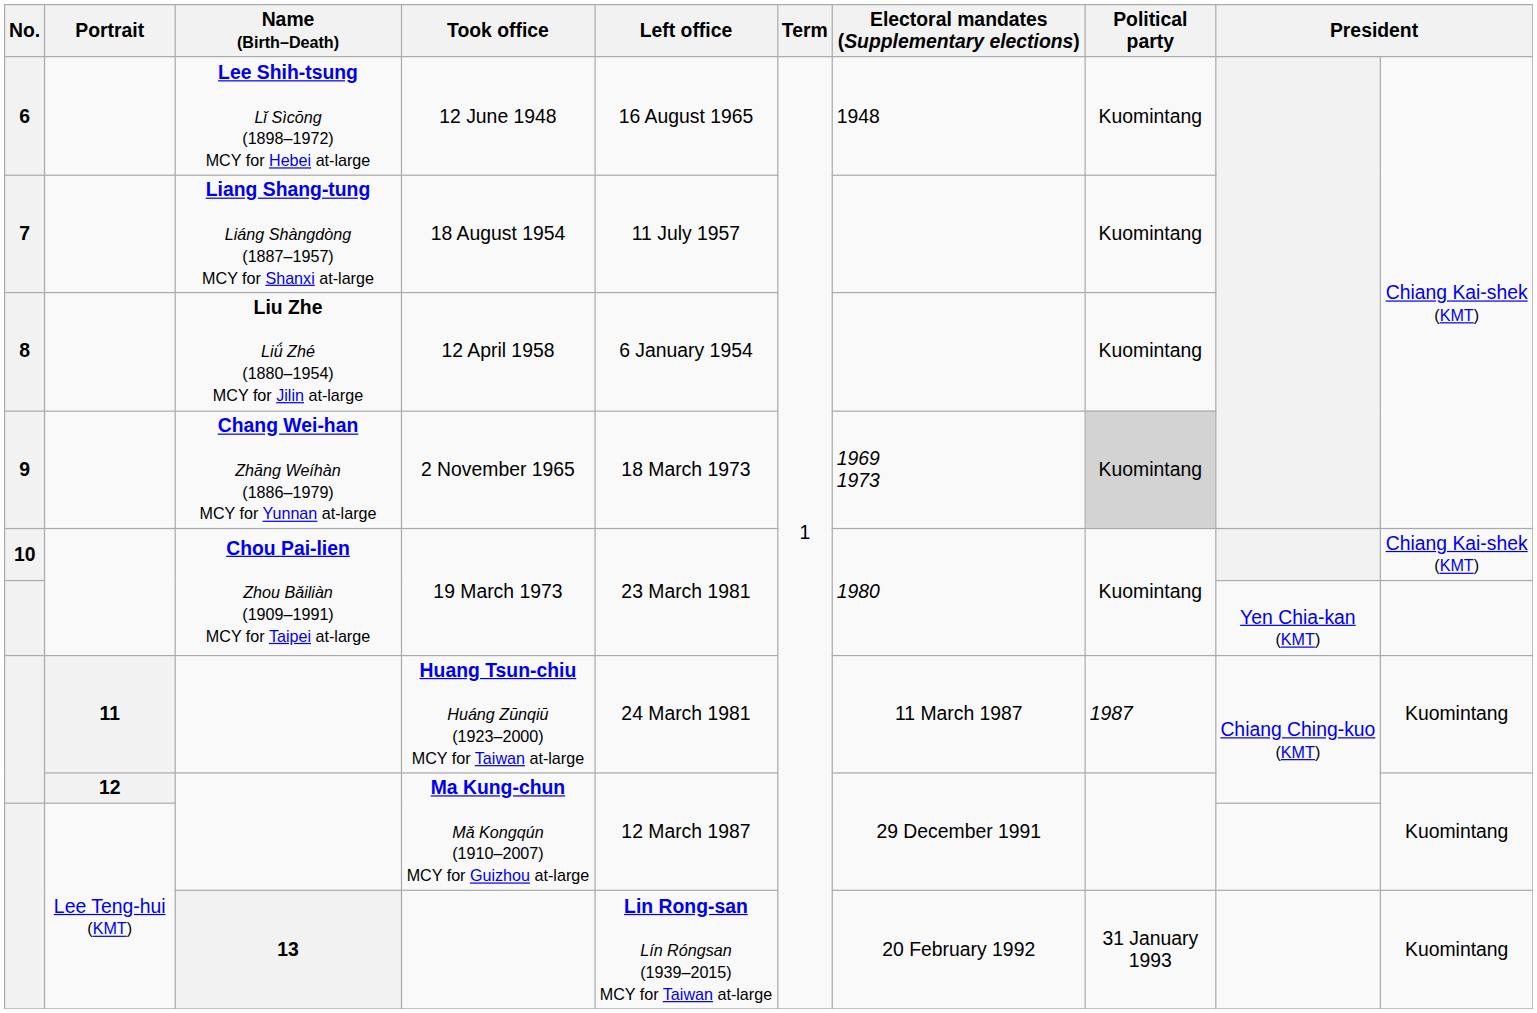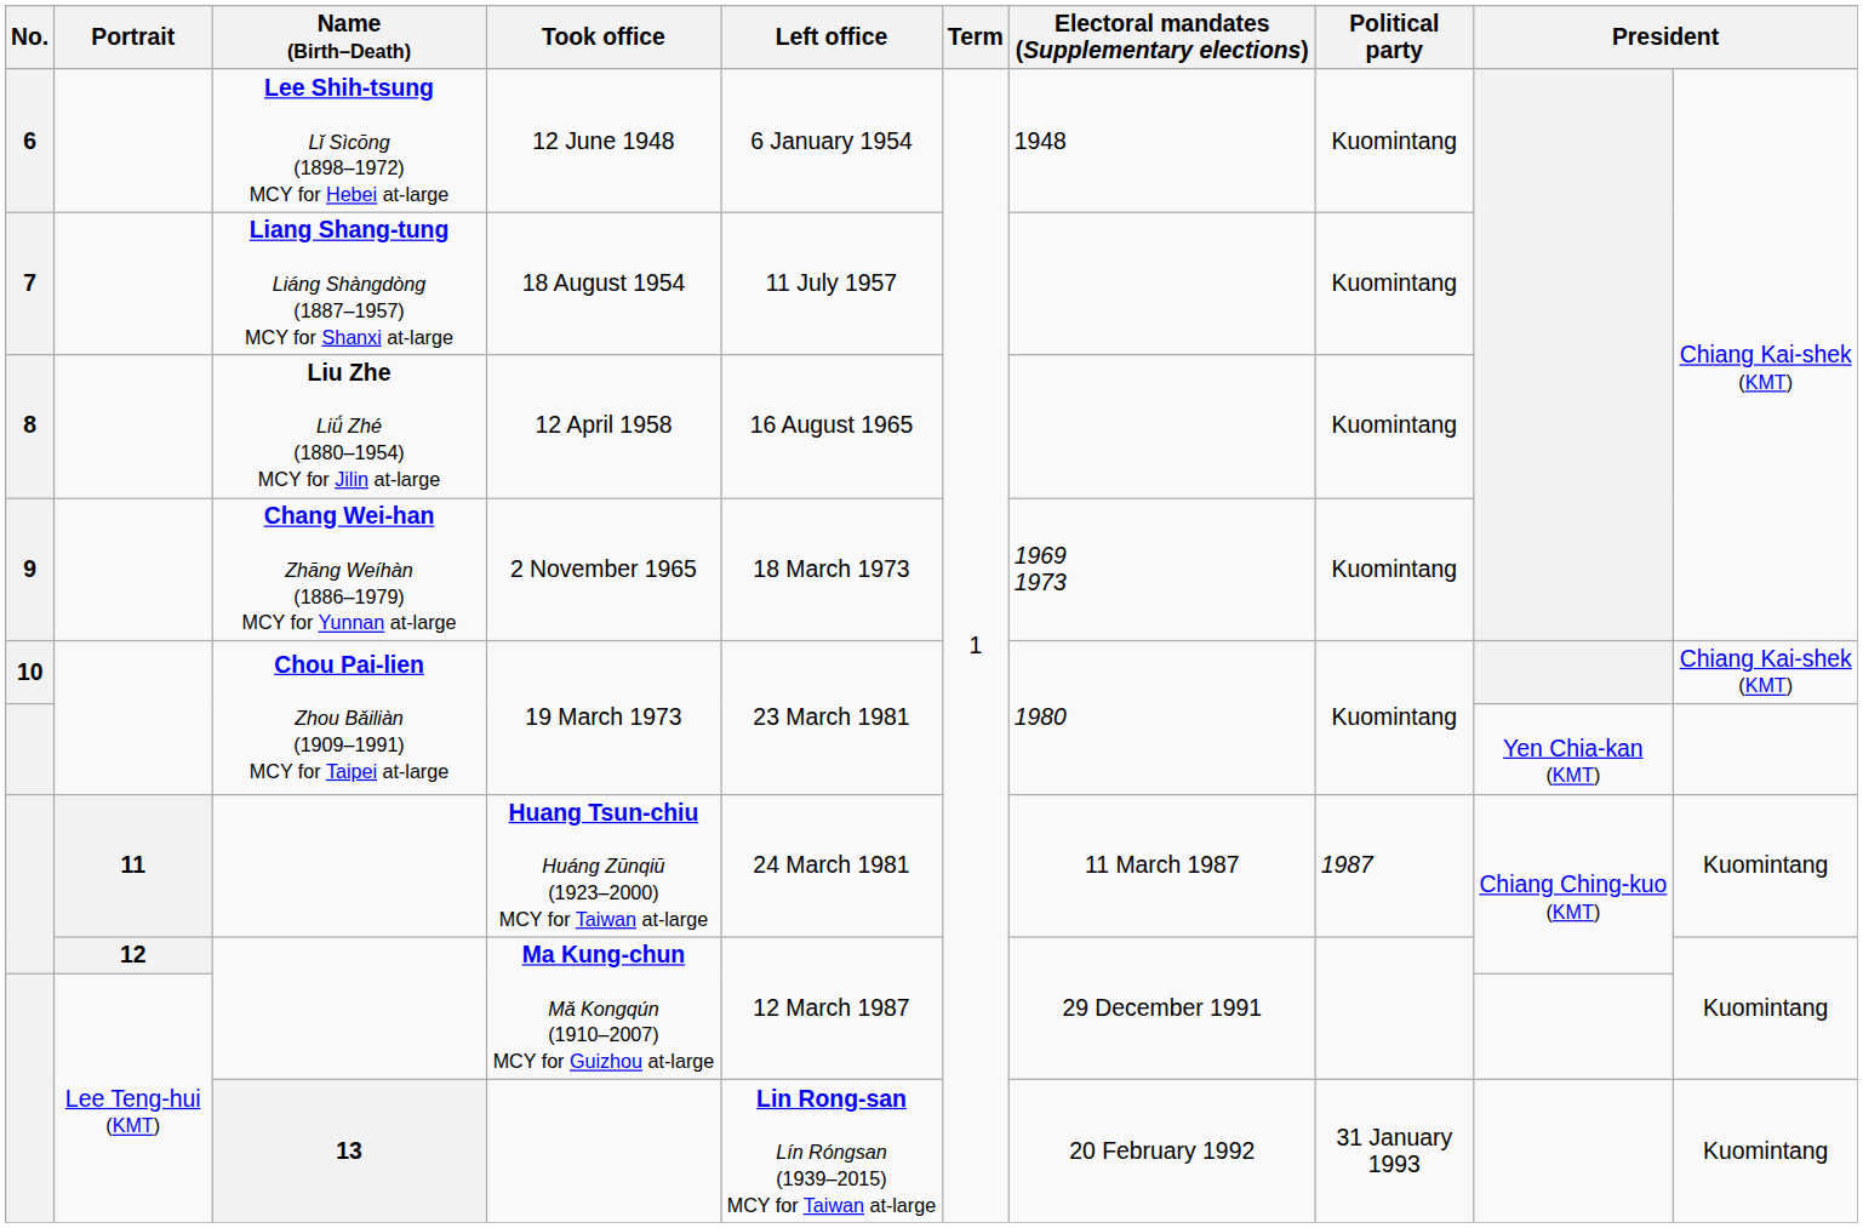 <table class="wikitable"  style="text-align:center"  width="100%">
 <tr>
 <th style="width:25px;">No.</th>
 <th style="width:100px;">Portrait</th>
 <th width=180px>Name<br><small>(Birth–Death)</small></th>
 <th>Took office</th>
 <th>Left office</th>
 <th style="width:25px;">Term</th>
 <th width="width:150px">Electoral mandates<br>(<em>Supplementary elections</em>)</th>
 <th style="width:100px;">Political party</th>
 <th colspan=2 width="width:200px">President</th>
 </tr>
 <tr ->
 <th style="background:">6</th>
 <td align=center></td>
 <td align=center><strong><a href='#'>Lee Shih-tsung</a></strong><br><br><small><em>Lǐ Sìcōng</em><br>(1898–1972)<br>MCY for <a href='#'>Hebei</a> at-large</small></td>
 <td>12 June 1948</td>
-<td>16 August 1965</td>
+<td>6 January 1954</td>
 <td rowspan=11>1</td>
 <td align=left>1948</td>
 <td>Kuomintang</td>
 <th rowspan=4 style="background:"></th>
 <td rowspan=4><br><a href='#'>Chiang Kai-shek</a><br><small>(<a href='#'>KMT</a>)</small></td>
 </tr>
 <tr ->
 <th style="background:">7</th>
 <td align=center></td>
 <td align=center><strong><a href='#'>Liang Shang-tung</a></strong><br><br><small><em>Liáng Shàngdòng</em><br>(1887–1957)<br>MCY for <a href='#'>Shanxi</a> at-large</small></td>
 <td>18 August 1954</td>
 <td>11 July 1957</td>
 <td></td>
 <td>Kuomintang</td>
 </tr>
 <tr ->
 <th style="background:">8</th>
 <td align=center></td>
 <td align=center><strong>Liu Zhe</strong><br><br><small><em>Liǘ Zhé</em><br>(1880–1954)<br>MCY for <a href='#'>Jilin</a> at-large</small></td>
 <td>12 April 1958</td>
-<td>6 January 1954</td>
+<td>16 August 1965</td>
 <td></td>
 <td>Kuomintang</td>
 </tr>
 <tr ->
 <th style="background:">9</th>
 <td align=center></td>
 <td align=center><strong><a href='#'>Chang Wei-han</a></strong><br><br><small><em>Zhāng Weíhàn</em><br>(1886–1979)<br>MCY for <a href='#'>Yunnan</a> at-large</small></td>
 <td>2 November 1965</td>
 <td>18 March 1973</td>
 <td align=left><em>1969</em><br><em>1973</em></td>
-<td style="background: lightgrey;">Kuomintang</td>
+<td>Kuomintang</td>
 </tr>
 <tr ->
 <th style="background:">10</th>
 <td rowspan=3 align=center></td>
 <td rowspan=3 align=center><strong><a href='#'>Chou Pai-lien</a></strong><br><br><small><em>Zhou Bǎiliàn</em><br>(1909–1991)<br>MCY for <a href='#'>Taipei</a> at-large</small></td>
 <td rowspan=3>19 March 1973</td>
 <td rowspan=3>23 March 1981</td>
 <td rowspan=3 align=left><em>1980</em></td>
 <td rowspan=3>Kuomintang</td>
 <th style="background:"></th>
 <td><a href='#'>Chiang Kai-shek</a><br><small>(<a href='#'>KMT</a>)</small></td>
 </tr>
 <tr>
 <th style="background:"></th>
 <td><br><a href='#'>Yen Chia-kan</a><br><small>(<a href='#'>KMT</a>)</small></td>
 </tr>
 <tr>
 <th rowspan=3 style="background:"></th>
 <td rowspan=3><br><a href='#'>Chiang Ching-kuo</a><br><small>(<a href='#'>KMT</a>)</small></td>
 </tr>
 <tr ->
 <th style="background:">11</th>
 <td align=center></td>
 <td align=center><strong><a href='#'>Huang Tsun-chiu</a></strong><br><br><small><em>Huáng Zūnqiū</em><br>(1923–2000)<br>MCY for <a href='#'>Taiwan</a> at-large</small></td>
 <td>24 March 1981</td>
 <td>11 March 1987</td>
 <td align=left><em>1987</em></td>
 <td>Kuomintang</td>
 </tr>
 <tr ->
 <th style="background:">12</th>
 <td rowspan=2 align=center></td>
 <td rowspan=2 align=center><strong><a href='#'>Ma Kung-chun</a></strong><br><br><small><em>Mǎ Kongqún</em><br>(1910–2007)<br>MCY for <a href='#'>Guizhou</a> at-large</small></td>
 <td rowspan=2>12 March 1987</td>
 <td rowspan=2>29 December 1991</td>
 <td rowspan=2></td>
 <td rowspan=2>Kuomintang</td>
 </tr>
 <tr>
 <th rowspan=2 style="background:"></th>
 <td rowspan=2><br><a href='#'>Lee Teng-hui</a><br><small>(<a href='#'>KMT</a>)</small></td>
 </tr>
 <tr ->
 <th style="background:">13</th>
 <td align=center></td>
 <td align=center><strong><a href='#'>Lin Rong-san</a></strong><br><br><small><em>Lín Róngsan</em><br>(1939–2015)<br>MCY for <a href='#'>Taiwan</a> at-large</small></td>
 <td>20 February 1992</td>
 <td>31 January 1993</td>
 <td></td>
 <td>Kuomintang</td>
 </tr>
 </table>
